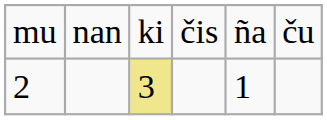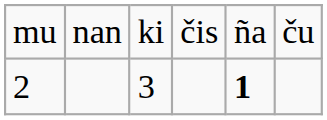 <table class="wikitable">
 <tr>
 <td>mu</td>
 <td>nan</td>
 <td>ki</td>
 <td>čis</td>
 <td>ña</td>
 <td>ču</td>
 </tr>
 <tr>
 <td>2</td>
 <td></td>
-<td style="background: khaki;">3</td>
+<td>3</td>
 <td></td>
-<td>1</td>
+<td><strong>1</strong></td>
 <td></td>
 </tr>
 </table>
